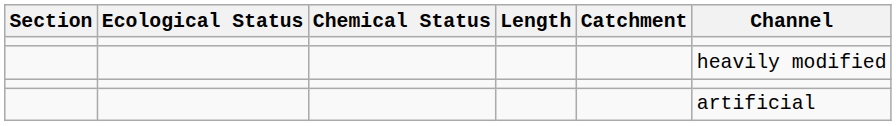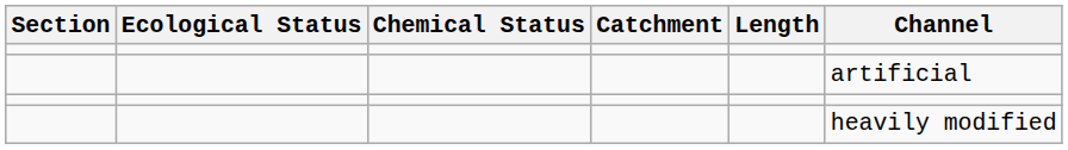 <table class="wikitable">
 <tr>
 <th>Section</th>
 <th>Ecological Status</th>
 <th>Chemical Status</th>
+<th>Catchment</th>
 <th>Length</th>
-<th>Catchment</th>
 <th>Channel</th>
+</tr>
+<tr>
+<td></td>
+<td></td>
+<td></td>
+<td></td>
+<td></td>
+<td></td>
+</tr>
+<tr>
+<td></td>
+<td></td>
+<td></td>
+<td></td>
+<td></td>
+<td>artificial</td>
 </tr>
 <tr>
 <td></td>
 <td></td>
 <td></td>
 <td></td>
 <td></td>
 <td></td>
 </tr>
 <tr>
 <td></td>
 <td></td>
 <td></td>
 <td></td>
 <td></td>
 <td>heavily modified</td>
 </tr>
-<tr>
-<td></td>
-<td></td>
-<td></td>
-<td></td>
-<td></td>
-<td></td>
-</tr>
-<tr>
-<td></td>
-<td></td>
-<td></td>
-<td></td>
-<td></td>
-<td>artificial</td>
-</tr>
 </table>
